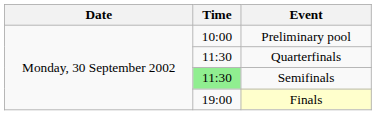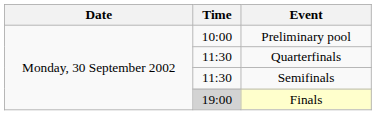 <table class = "wikitable" style="text-align:center;">
 <tr>
 <th width=220>Date</th>
 <th width=50>Time</th>
 <th width=150>Event</th>
 </tr>
 <tr>
 <td rowspan=4>Monday, 30 September 2002</td>
 <td>10:00</td>
 <td>Preliminary pool</td>
 </tr>
 <tr>
 <td>11:30</td>
 <td>Quarterfinals</td>
 </tr>
 <tr>
-<td style="background: lightgreen;">11:30</td>
+<td>11:30</td>
 <td>Semifinals</td>
 </tr>
 <tr>
-<td>19:00</td>
+<td style="background: lightgrey;">19:00</td>
 <td bgcolor=ffffcc>Finals</td>
 </tr>
 </table>
